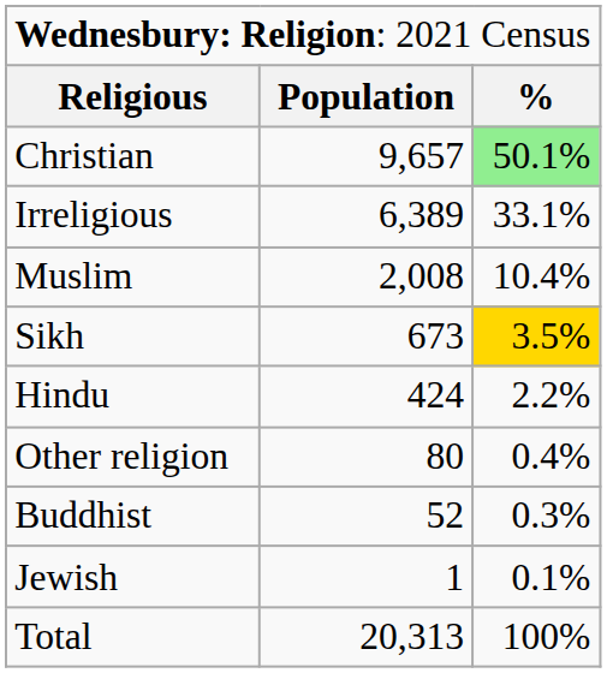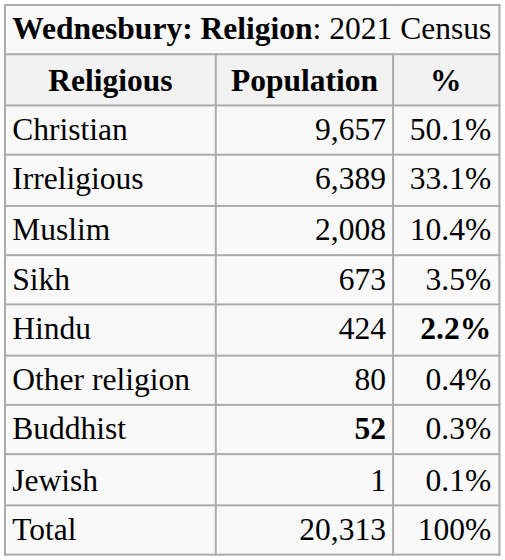 <table class="wikitable">
 <tr>
 <td colspan="14" style="text-align:right;"><strong>Wednesbury: Religion</strong>: 2021 Census</td>
 </tr>
 <tr>
 <th>Religious</th>
 <th>Population</th>
 <th>%</th>
 </tr>
 <tr>
 <td>Christian</td>
 <td style="text-align:right;">9,657</td>
-<td style="background: lightgreen; text-align:right;">50.1%</td>
+<td style="text-align:right;">50.1%</td>
 </tr>
 <tr>
 <td>Irreligious</td>
 <td style="text-align:right;">6,389</td>
 <td style="text-align:right;">33.1%</td>
 </tr>
 <tr>
 <td>Muslim</td>
 <td style="text-align:right;">2,008</td>
 <td style="text-align:right;">10.4%</td>
 </tr>
 <tr>
 <td>Sikh</td>
 <td style="text-align:right;">673</td>
-<td style="background: gold; text-align:right;">3.5%</td>
+<td style="text-align:right;">3.5%</td>
 </tr>
 <tr>
 <td>Hindu</td>
 <td style="text-align:right;">424</td>
-<td style="text-align:right;">2.2%</td>
+<td style="text-align:right;"><strong>2.2%</strong></td>
 </tr>
 <tr>
 <td>Other religion</td>
 <td style="text-align:right;">80</td>
 <td style="text-align:right;">0.4%</td>
 </tr>
 <tr>
 <td>Buddhist</td>
-<td style="text-align:right;">52</td>
+<td style="text-align:right;"><strong>52</strong></td>
 <td style="text-align:right;">0.3%</td>
 </tr>
 <tr>
 <td>Jewish</td>
 <td style="text-align:right;">1</td>
 <td style="text-align:right;">0.1%</td>
 </tr>
 <tr>
 <td>Total</td>
 <td style="text-align:right;">20,313</td>
 <td style="text-align:right;">100%</td>
 </tr>
 </table>
